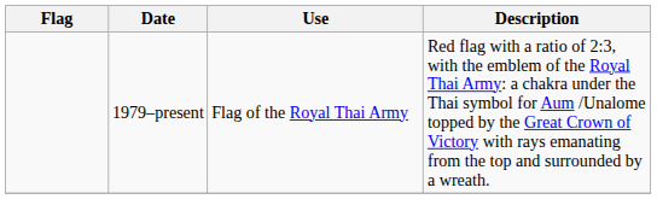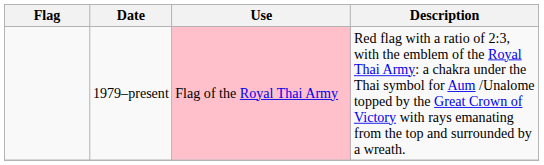 <table class="wikitable">
 <tr>
 <th width="110">Flag</th>
 <th width="100">Date</th>
 <th width="250">Use</th>
 <th width="250">Description</th>
 </tr>
 <tr>
 <td></td>
 <td>1979–present</td>
-<td>Flag of the <a href='#'>Royal Thai Army</a></td>
+<td style="background: pink;">Flag of the <a href='#'>Royal Thai Army</a></td>
 <td>Red flag with a ratio of 2:3, with the emblem of the <a href='#'>Royal Thai Army</a>: a chakra under the Thai symbol for <a href='#'>Aum</a> /Unalome topped by the <a href='#'>Great Crown of Victory</a> with rays emanating from the top and surrounded by a wreath.</td>
 </tr>
 <tr>
 </tr>
 </table>
